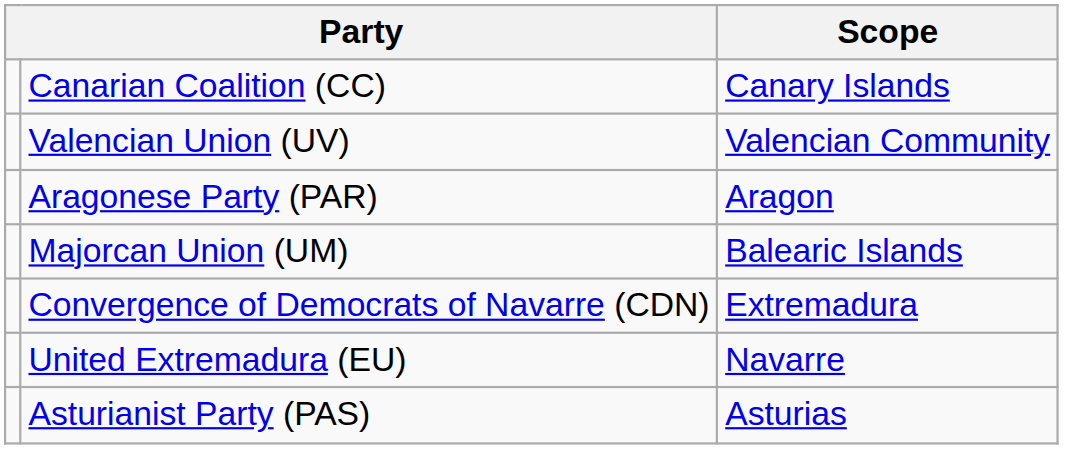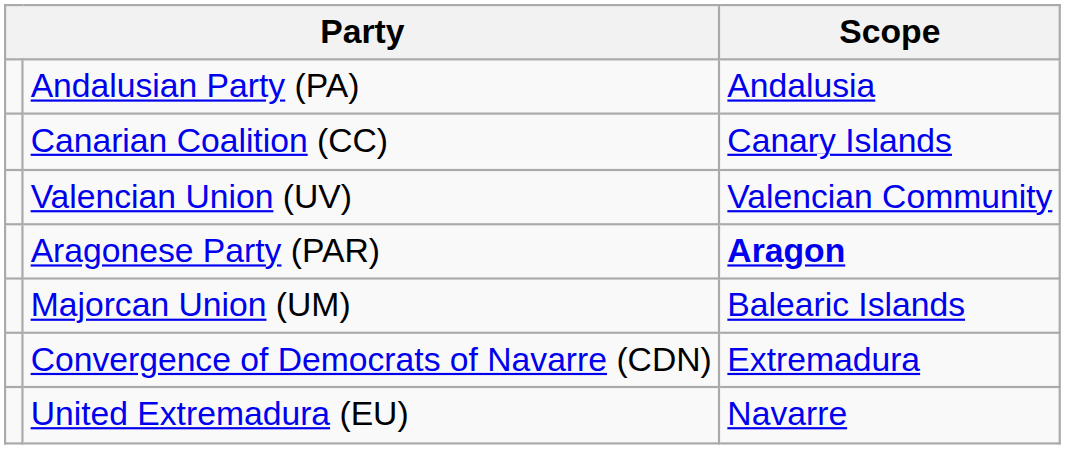 <table class="wikitable" style="text-align:left; font-size:97%;">
 <tr>
 <th colspan="2">Party</th>
 <th>Scope</th>
+</tr>
+<tr>
+<td width="1"></td>
+<td><a href='#'>Andalusian Party</a> (PA)</td>
+<td><a href='#'>Andalusia</a></td>
 </tr>
 <tr>
 <td></td>
 <td><a href='#'>Canarian Coalition</a> (CC)</td>
 <td><a href='#'>Canary Islands</a></td>
 </tr>
 <tr>
 <td></td>
 <td><a href='#'>Valencian Union</a> (UV)</td>
 <td><a href='#'>Valencian Community</a></td>
 </tr>
 <tr>
 <td></td>
 <td><a href='#'>Aragonese Party</a> (PAR)</td>
-<td><a href='#'>Aragon</a></td>
+<td><strong><a href='#'>Aragon</a></strong></td>
 </tr>
 <tr>
 <td></td>
 <td><a href='#'>Majorcan Union</a> (UM)</td>
 <td><a href='#'>Balearic Islands</a></td>
 </tr>
 <tr>
 <td></td>
 <td><a href='#'>Convergence of Democrats of Navarre</a> (CDN)</td>
 <td><a href='#'>Extremadura</a></td>
 </tr>
 <tr>
 <td></td>
 <td><a href='#'>United Extremadura</a> (EU)</td>
 <td><a href='#'>Navarre</a></td>
 </tr>
-<tr>
-<td></td>
-<td><a href='#'>Asturianist Party</a> (PAS)</td>
-<td><a href='#'>Asturias</a></td>
-</tr>
 </table>
